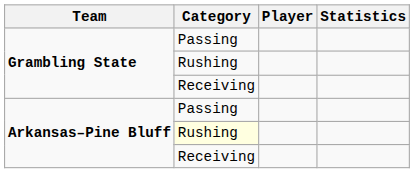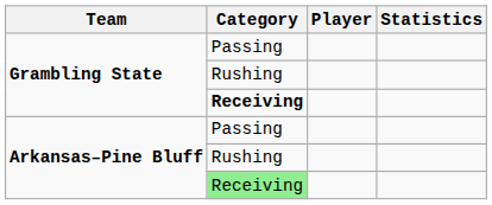 <table class="wikitable" style="float: left;">
 <tr>
 <th>Team</th>
 <th>Category</th>
 <th>Player</th>
 <th>Statistics</th>
 </tr>
 <tr>
 <td rowspan=3><strong>Grambling State</strong></td>
 <td>Passing</td>
 <td> </td>
 <td> </td>
 </tr>
 <tr>
 <td>Rushing</td>
 <td> </td>
 <td> </td>
 </tr>
 <tr>
-<td>Receiving</td>
+<td><strong>Receiving</strong></td>
 <td> </td>
 <td> </td>
 </tr>
 <tr>
 <td rowspan=3><strong>Arkansas–Pine Bluff</strong></td>
 <td>Passing</td>
 <td> </td>
 <td> </td>
 </tr>
 <tr>
-<td style="background: lightyellow;">Rushing</td>
+<td>Rushing</td>
 <td> </td>
 <td> </td>
 </tr>
 <tr>
-<td>Receiving</td>
+<td style="background: lightgreen;">Receiving</td>
 <td> </td>
 <td> </td>
 </tr>
 </table>
